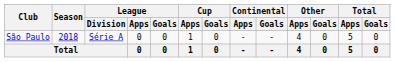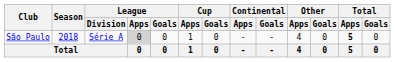 <table class="wikitable" style="text-align: center;">
 <tr>
 <th rowspan="2">Club</th>
 <th rowspan="2">Season</th>
 <th colspan="3">League</th>
 <th colspan="2">Cup</th>
 <th colspan="2">Continental</th>
 <th colspan="2">Other</th>
 <th colspan="2">Total</th>
 </tr>
 <tr>
 <th>Division</th>
 <th>Apps</th>
 <th>Goals</th>
 <th>Apps</th>
 <th>Goals</th>
 <th>Apps</th>
 <th>Goals</th>
 <th>Apps</th>
 <th>Goals</th>
 <th>Apps</th>
 <th>Goals</th>
 </tr>
 <tr>
 <td rowspan="1" valign="center"><a href='#'>São Paulo</a></td>
 <td><a href='#'>2018</a></td>
 <td rowspan="1" valign="center"><a href='#'>Série A</a></td>
-<td>0</td>
+<td style="background: lightgrey;">0</td>
 <td>0</td>
 <td>1</td>
 <td>0</td>
 <td>-</td>
 <td>-</td>
 <td>4</td>
 <td>0</td>
-<td>5</td>
+<td><strong>5</strong></td>
 <td>0</td>
 </tr>
 <tr>
 <th colspan="3">Total</th>
 <th>0</th>
 <th>0</th>
 <th>1</th>
 <th>0</th>
 <th>-</th>
 <th>-</th>
 <th>4</th>
 <th>0</th>
 <th>5</th>
 <th>0</th>
 </tr>
 </table>
